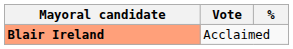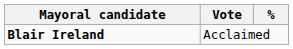 <table class="wikitable">
 <tr>
 <th width="200px">Mayoral candidate</th>
 <th width="50px">Vote</th>
 <th width="30px">%</th>
 </tr>
 <tr>
-<td style="background: lightsalmon;"><strong>Blair Ireland</strong> </td>
+<td><strong>Blair Ireland</strong> </td>
 <td colspan="2">Acclaimed</td>
 </tr>
 </table>
